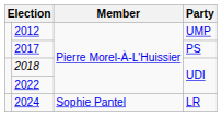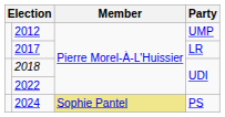 <table class="wikitable">
 <tr>
 <th colspan="2">Election</th>
 <th>Member</th>
 <th>Party</th>
 </tr>
 <tr>
 <td rowspan="2" style="background-color: "></td>
 <td><a href='#'>2012</a></td>
 <td rowspan="4"><a href='#'>Pierre Morel-À-L'Huissier</a></td>
 <td><a href='#'>UMP</a></td>
 </tr>
 <tr>
 <td><a href='#'>2017</a></td>
-<td><a href='#'>PS</a></td>
+<td><a href='#'>LR</a></td>
 </tr>
 <tr>
 <td rowspan="2" style="background-color: "></td>
 <td><em>2018</em></td>
 <td rowspan="2"><a href='#'>UDI</a></td>
 </tr>
 <tr>
 <td><a href='#'>2022</a></td>
 </tr>
 <tr>
 <td style="background-color: "></td>
 <td><a href='#'>2024</a></td>
-<td><a href='#'>Sophie Pantel</a></td>
-<td><a href='#'>LR</a></td>
+<td style="background: khaki;"><a href='#'>Sophie Pantel</a></td>
+<td><a href='#'>PS</a></td>
 </tr>
 </table>
